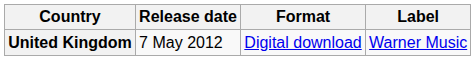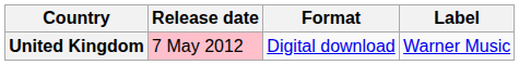 <table class="wikitable plainrowheaders">
 <tr>
 <th scope="col">Country</th>
 <th scope="col">Release date</th>
 <th scope="col">Format</th>
 <th scope="col">Label</th>
 </tr>
 <tr>
 <th scope="row">United Kingdom</th>
-<td>7 May 2012</td>
+<td style="background: pink;">7 May 2012</td>
 <td><a href='#'>Digital download</a></td>
 <td><a href='#'>Warner Music</a></td>
 </tr>
 <tr>
 </tr>
 </table>
